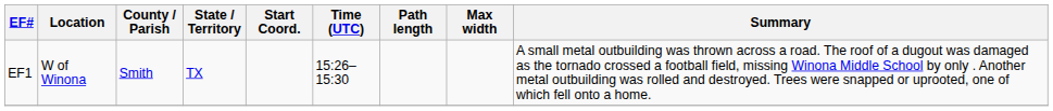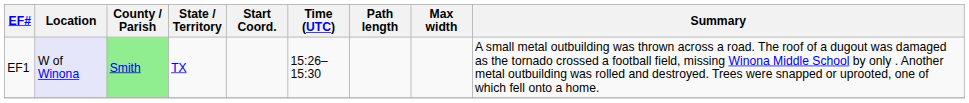 <table class="wikitable sortable" style="width:100%;">
 <tr>
 <th scope="col"  style="width:3%; text-align:center;"><a href='#'>EF#</a></th>
 <th scope="col"  style="width:7%; text-align:center;" class="unsortable">Location</th>
 <th scope="col"  style="width:6%; text-align:center;" class="unsortable">County / Parish</th>
 <th scope="col"  style="width:5%; text-align:center;">State / Territory</th>
 <th scope="col"  style="width:6%; text-align:center;">Start Coord.</th>
 <th scope="col"  style="width:6%; text-align:center;">Time (<a href='#'>UTC</a>)</th>
 <th scope="col"  style="width:6%; text-align:center;">Path length</th>
 <th scope="col"  style="width:6%; text-align:center;">Max width</th>
 <th scope="col" class="unsortable" style="width:48%; text-align:center;">Summary</th>
 </tr>
 <tr>
 <td>EF1</td>
-<td>W of <a href='#'>Winona</a></td>
-<td><a href='#'>Smith</a></td>
+<td style="background: lavender;">W of <a href='#'>Winona</a></td>
+<td style="background: lightgreen;"><a href='#'>Smith</a></td>
 <td><a href='#'>TX</a></td>
 <td></td>
 <td>15:26–15:30</td>
 <td></td>
 <td></td>
 <td>A small metal outbuilding was thrown across a road. The roof of a dugout was damaged as the tornado crossed a football field, missing <a href='#'>Winona Middle School</a> by only . Another metal outbuilding was rolled and destroyed. Trees were snapped or uprooted, one of which fell onto a home.</td>
 </tr>
 <tr>
 </tr>
 </table>
